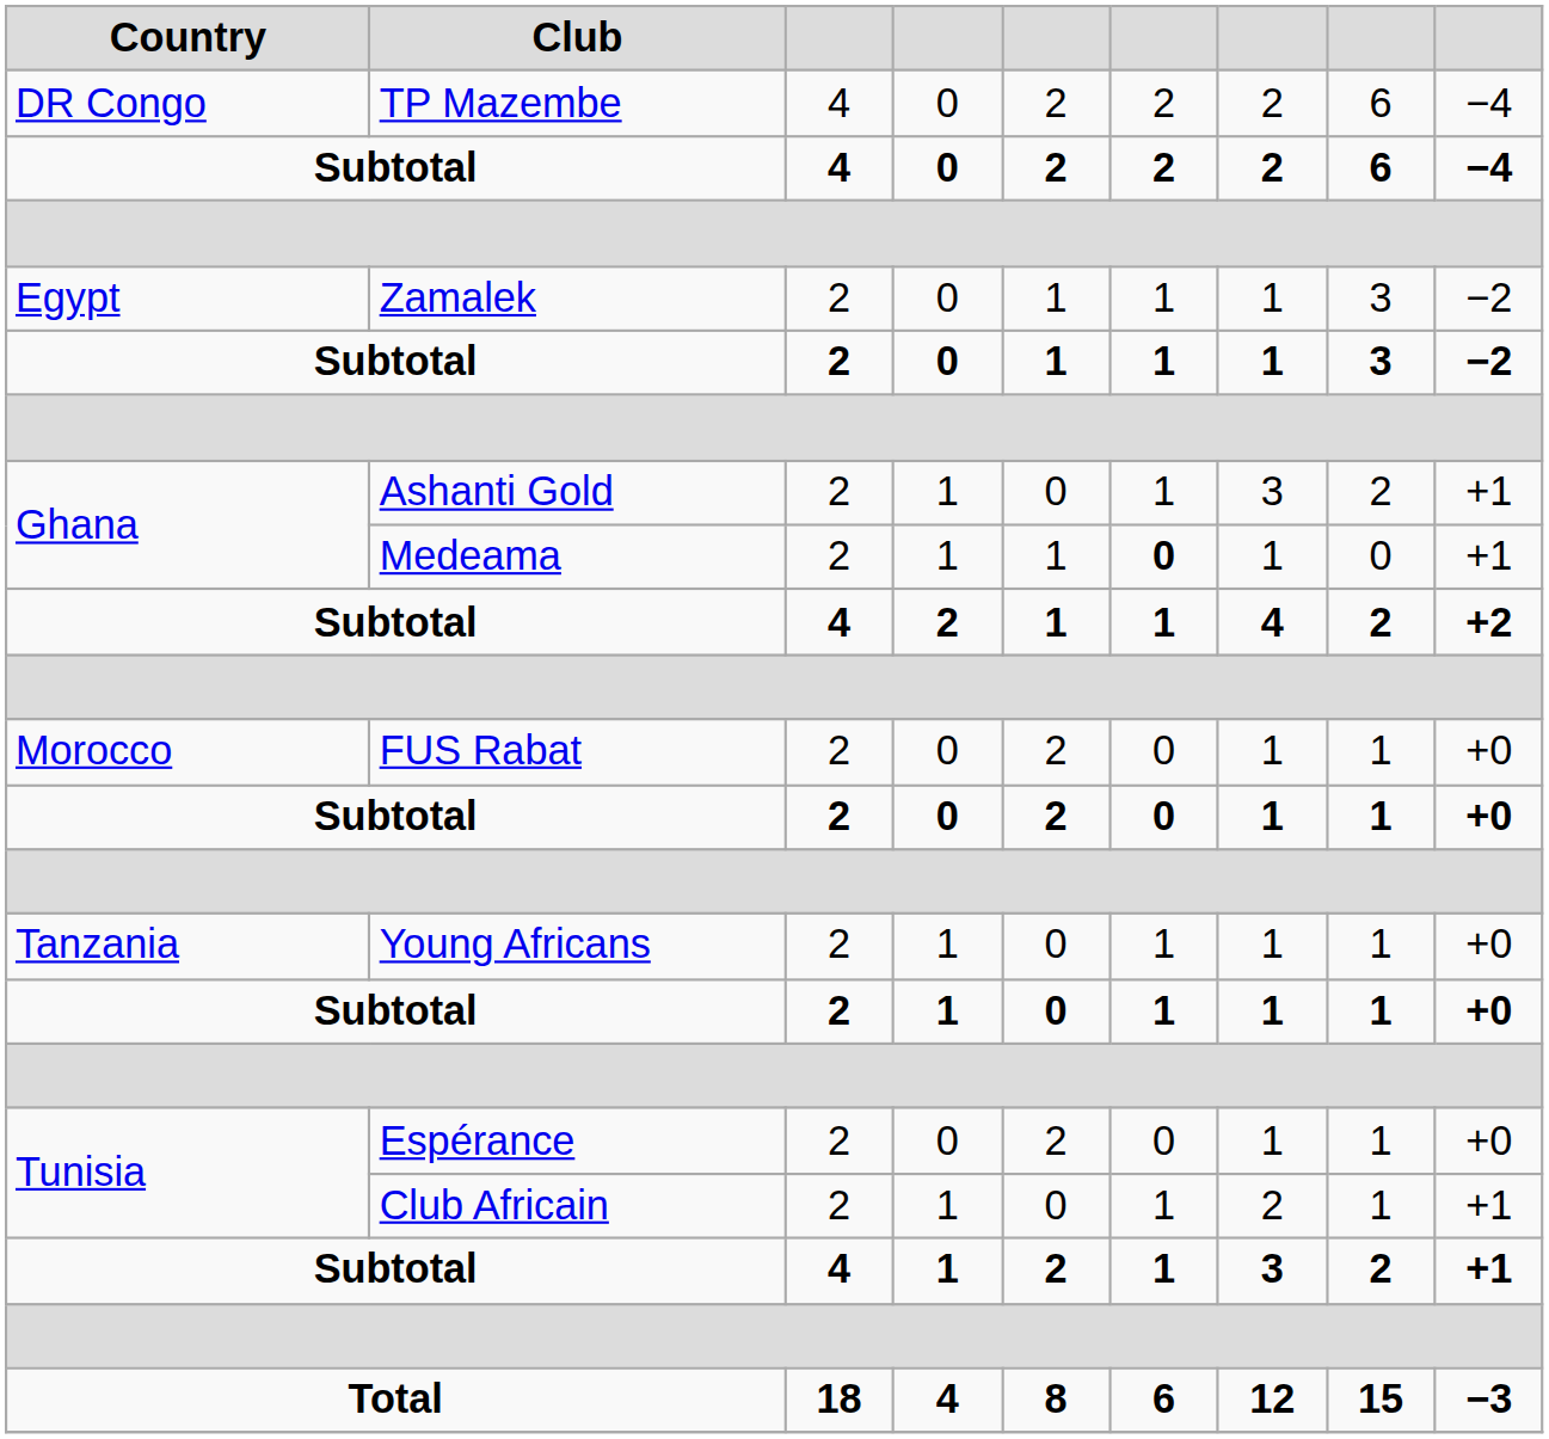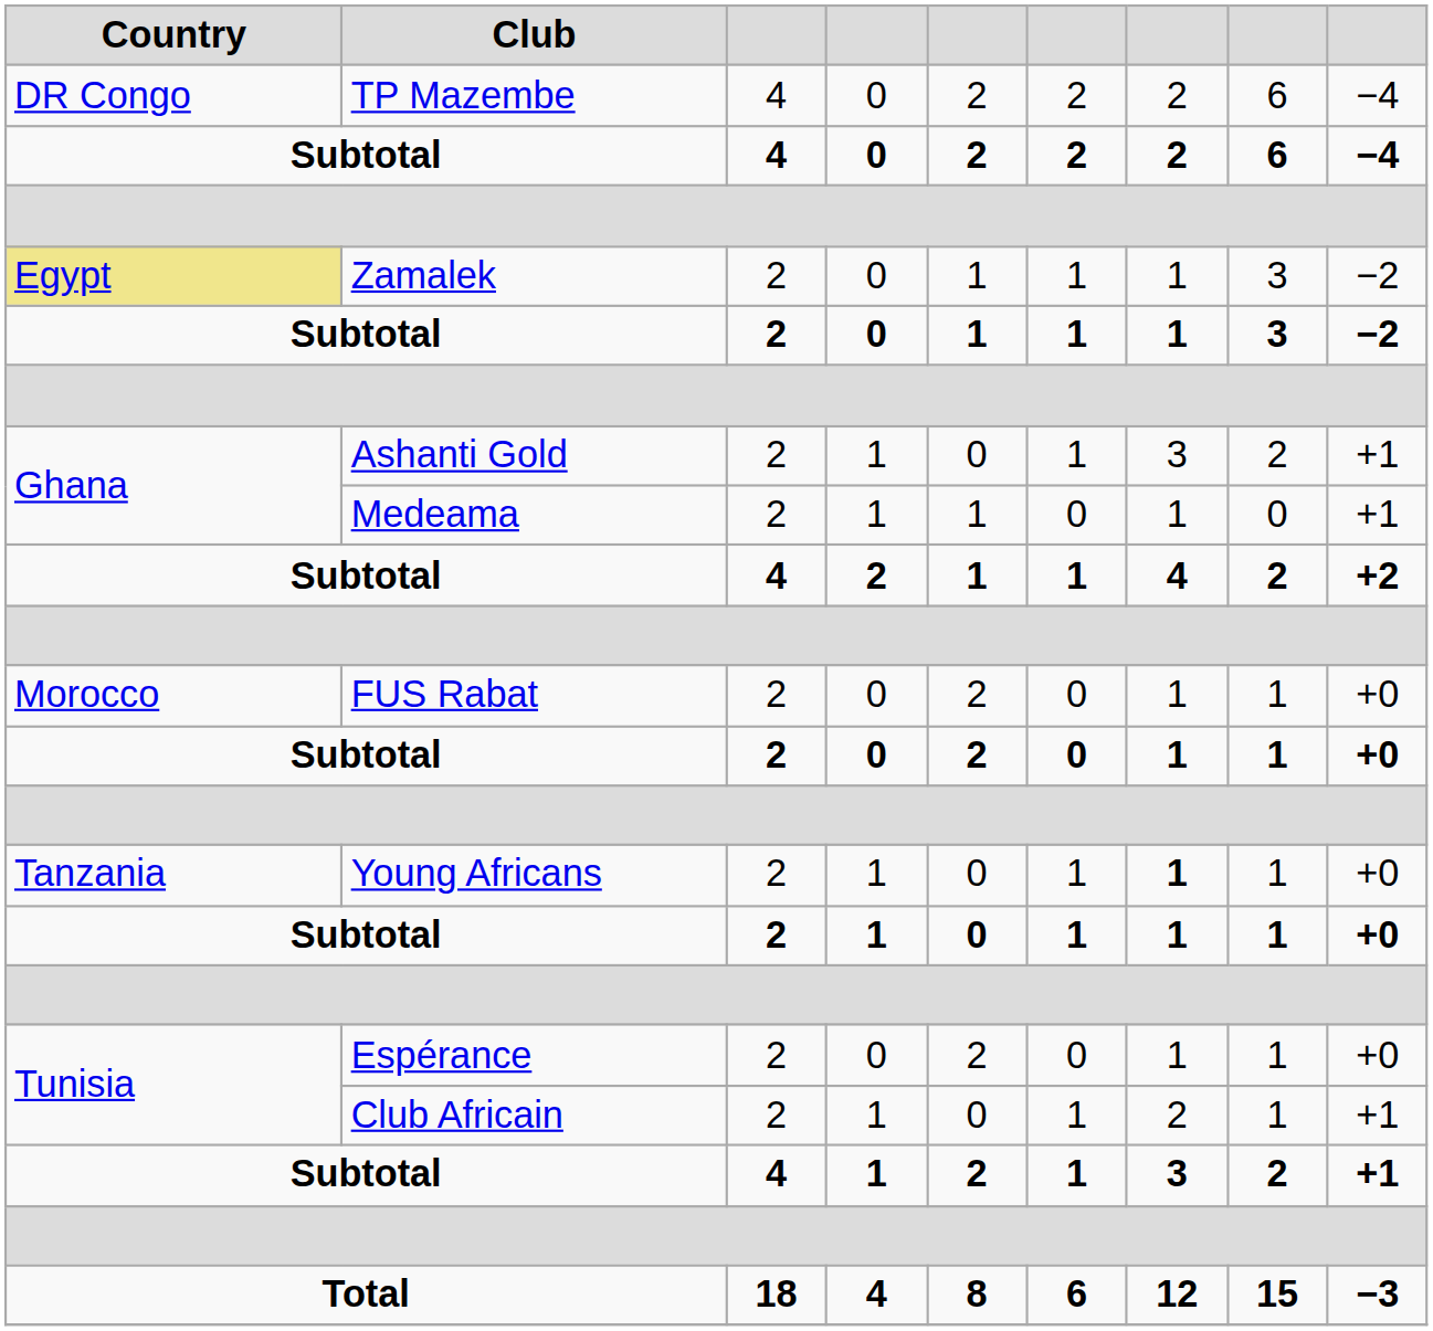 <table class="wikitable" style="text-align: center;">
 <tr>
 <th width="135" style="background:#DCDCDC">Country</th>
 <th width="155" style="background:#DCDCDC">Club</th>
 <th width="35" style="background:#DCDCDC"></th>
 <th width="35" style="background:#DCDCDC"></th>
 <th width="35" style="background:#DCDCDC"></th>
 <th width="35" style="background:#DCDCDC"></th>
 <th width="35" style="background:#DCDCDC"></th>
 <th width="35" style="background:#DCDCDC"></th>
 <th width="35" style="background:#DCDCDC"></th>
 </tr>
 <tr>
 <td align=left> <a href='#'>DR Congo</a></td>
 <td align=left><a href='#'>TP Mazembe</a></td>
 <td>4</td>
 <td>0</td>
 <td>2</td>
 <td>2</td>
 <td>2</td>
 <td>6</td>
 <td>−4</td>
 </tr>
 <tr>
 <td colspan=2 align-"center"><strong>Subtotal</strong></td>
 <td><strong>4</strong></td>
 <td><strong>0</strong></td>
 <td><strong>2</strong></td>
 <td><strong>2</strong></td>
 <td><strong>2</strong></td>
 <td><strong>6</strong></td>
 <td><strong>−4</strong></td>
 </tr>
 <tr>
 <th colspan=9 height="18" style="background:#DCDCDC"></th>
 </tr>
 <tr>
-<td align=left> <a href='#'>Egypt</a></td>
+<td align=left style="background: khaki;"> <a href='#'>Egypt</a></td>
 <td align=left><a href='#'>Zamalek</a></td>
 <td>2</td>
 <td>0</td>
 <td>1</td>
 <td>1</td>
 <td>1</td>
 <td>3</td>
 <td>−2</td>
 </tr>
 <tr>
 <td colspan=2 align-"center"><strong>Subtotal</strong></td>
 <td><strong>2</strong></td>
 <td><strong>0</strong></td>
 <td><strong>1</strong></td>
 <td><strong>1</strong></td>
 <td><strong>1</strong></td>
 <td><strong>3</strong></td>
 <td><strong>−2</strong></td>
 </tr>
 <tr>
 <th colspan=9 height="18" style="background:#DCDCDC"></th>
 </tr>
 <tr>
 <td rowspan=2 align=left> <a href='#'>Ghana</a></td>
 <td align=left><a href='#'>Ashanti Gold</a></td>
 <td>2</td>
 <td>1</td>
 <td>0</td>
 <td>1</td>
 <td>3</td>
 <td>2</td>
 <td>+1</td>
 </tr>
 <tr>
 <td align=left><a href='#'>Medeama</a></td>
 <td>2</td>
 <td>1</td>
 <td>1</td>
-<td><strong>0</strong></td>
+<td>0</td>
 <td>1</td>
 <td>0</td>
 <td>+1</td>
 </tr>
 <tr>
 <td colspan=2 align-"center"><strong>Subtotal</strong></td>
 <td><strong>4</strong></td>
 <td><strong>2</strong></td>
 <td><strong>1</strong></td>
 <td><strong>1</strong></td>
 <td><strong>4</strong></td>
 <td><strong>2</strong></td>
 <td><strong>+2</strong></td>
 </tr>
 <tr>
 <th colspan=9 height="18" style="background:#DCDCDC"></th>
 </tr>
 <tr>
 <td align=left> <a href='#'>Morocco</a></td>
 <td align=left><a href='#'>FUS Rabat</a></td>
 <td>2</td>
 <td>0</td>
 <td>2</td>
 <td>0</td>
 <td>1</td>
 <td>1</td>
 <td>+0</td>
 </tr>
 <tr>
 <td colspan=2 align-"center"><strong>Subtotal</strong></td>
 <td><strong>2</strong></td>
 <td><strong>0</strong></td>
 <td><strong>2</strong></td>
 <td><strong>0</strong></td>
 <td><strong>1</strong></td>
 <td><strong>1</strong></td>
 <td><strong>+0</strong></td>
 </tr>
 <tr>
 <th colspan=9 height="18" style="background:#DCDCDC"></th>
 </tr>
 <tr>
 <td align=left> <a href='#'>Tanzania</a></td>
 <td align=left><a href='#'>Young Africans</a></td>
 <td>2</td>
 <td>1</td>
 <td>0</td>
 <td>1</td>
-<td>1</td>
+<td><strong>1</strong></td>
 <td>1</td>
 <td>+0</td>
 </tr>
 <tr>
 <td colspan=2 align-"center"><strong>Subtotal</strong></td>
 <td><strong>2</strong></td>
 <td><strong>1</strong></td>
 <td><strong>0</strong></td>
 <td><strong>1</strong></td>
 <td><strong>1</strong></td>
 <td><strong>1</strong></td>
 <td><strong>+0</strong></td>
 </tr>
 <tr>
 <th colspan=9 height="18" style="background:#DCDCDC"></th>
 </tr>
 <tr>
 <td rowspan=2 align=left> <a href='#'>Tunisia</a></td>
 <td align=left><a href='#'>Espérance</a></td>
 <td>2</td>
 <td>0</td>
 <td>2</td>
 <td>0</td>
 <td>1</td>
 <td>1</td>
 <td>+0</td>
 </tr>
 <tr>
 <td align=left><a href='#'>Club Africain</a></td>
 <td>2</td>
 <td>1</td>
 <td>0</td>
 <td>1</td>
 <td>2</td>
 <td>1</td>
 <td>+1</td>
 </tr>
 <tr>
 <td colspan=2 align-"center"><strong>Subtotal</strong></td>
 <td><strong>4</strong></td>
 <td><strong>1</strong></td>
 <td><strong>2</strong></td>
 <td><strong>1</strong></td>
 <td><strong>3</strong></td>
 <td><strong>2</strong></td>
 <td><strong>+1</strong></td>
 </tr>
 <tr>
 <th colspan=9 height="18" style="background:#DCDCDC"></th>
 </tr>
 <tr>
 <td colspan=2 align-"center"><strong>Total</strong></td>
 <td><strong>18</strong></td>
 <td><strong>4</strong></td>
 <td><strong>8</strong></td>
 <td><strong>6</strong></td>
 <td><strong>12</strong></td>
 <td><strong>15</strong></td>
 <td><strong>−3</strong></td>
 </tr>
 <tr>
 </tr>
 </table>
